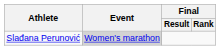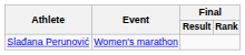 <table class="wikitable" style="font-size:90%">
 <tr>
 <th rowspan="2">Athlete</th>
 <th rowspan="2">Event</th>
 <th colspan="2">Final</th>
 </tr>
 <tr style="font-size:95%">
 <th>Result</th>
 <th>Rank</th>
 </tr>
 <tr align=center>
 <td align=left><a href='#'>Slađana Perunović</a></td>
-<td align=left style="background: lightgrey;"><a href='#'>Women's marathon</a></td>
+<td align=left><a href='#'>Women's marathon</a></td>
 <td colspan="2"></td>
 </tr>
 </table>
